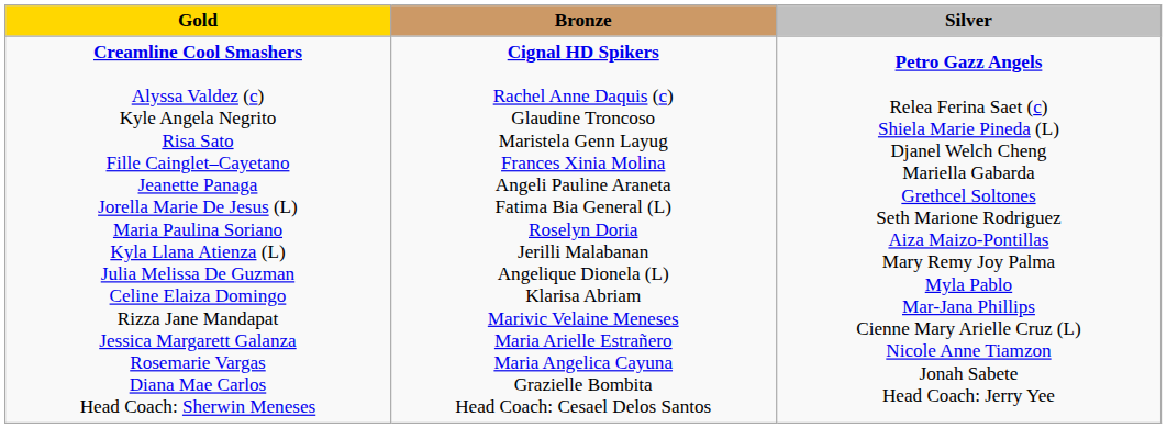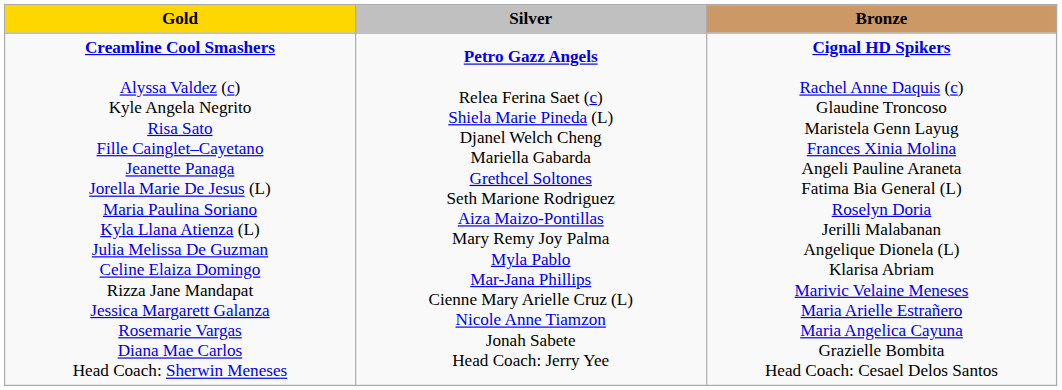 <table class="wikitable" style="text-align:center; font-size:90%">
 <tr>
 <th style="width:20em; background:gold">Gold</th>
+<th style="width:20em; background:silver">Silver</th>
 <th style="width:20em; background:#cc9966">Bronze</th>
-<th style="width:20em; background:silver">Silver</th>
 </tr>
 <tr>
 <td><strong><a href='#'>Creamline Cool Smashers</a></strong><br><br><a href='#'>Alyssa Valdez</a> (<a href='#'>c</a>)<br> Kyle Angela Negrito<br> <a href='#'>Risa Sato</a><br> <a href='#'>Fille Cainglet–Cayetano</a><br> <a href='#'>Jeanette Panaga</a><br> <a href='#'>Jorella Marie De Jesus</a> (L)<br> <a href='#'>Maria Paulina Soriano</a><br> <a href='#'>Kyla Llana Atienza</a> (L)<br> <a href='#'>Julia Melissa De Guzman</a><br> <a href='#'>Celine Elaiza Domingo</a><br> Rizza Jane Mandapat<br> <a href='#'>Jessica Margarett Galanza</a><br> <a href='#'>Rosemarie Vargas</a><br> <a href='#'>Diana Mae Carlos</a><br>Head Coach: <a href='#'>Sherwin Meneses</a></td>
+<td><strong><a href='#'>Petro Gazz Angels</a></strong><br><br>Relea Ferina Saet (<a href='#'>c</a>)<br> <a href='#'>Shiela Marie Pineda</a> (L)<br> Djanel Welch Cheng<br>Mariella Gabarda<br> <a href='#'>Grethcel Soltones</a><br> Seth Marione Rodriguez<br> <a href='#'>Aiza Maizo-Pontillas</a><br> Mary Remy Joy Palma<br> <a href='#'>Myla Pablo</a><br> <a href='#'>Mar-Jana Phillips</a><br> Cienne Mary Arielle Cruz (L)<br> <a href='#'>Nicole Anne Tiamzon</a><br> Jonah Sabete<br>Head Coach: Jerry Yee</td>
 <td><strong><a href='#'>Cignal HD Spikers</a></strong><br><br><a href='#'>Rachel Anne Daquis</a> (<a href='#'>c</a>)<br> Glaudine Troncoso<br> Maristela Genn Layug<br> <a href='#'>Frances Xinia Molina</a><br> Angeli Pauline Araneta<br> Fatima Bia General (L)<br> <a href='#'>Roselyn Doria</a><br> Jerilli Malabanan<br> Angelique Dionela (L)<br> Klarisa Abriam<br> <a href='#'>Marivic Velaine Meneses</a><br> <a href='#'>Maria Arielle Estrañero</a><br> <a href='#'>Maria Angelica Cayuna</a><br> Grazielle Bombita<br>Head Coach: Cesael Delos Santos</td>
-<td><strong><a href='#'>Petro Gazz Angels</a></strong><br><br>Relea Ferina Saet (<a href='#'>c</a>)<br> <a href='#'>Shiela Marie Pineda</a> (L)<br> Djanel Welch Cheng<br>Mariella Gabarda<br> <a href='#'>Grethcel Soltones</a><br> Seth Marione Rodriguez<br> <a href='#'>Aiza Maizo-Pontillas</a><br> Mary Remy Joy Palma<br> <a href='#'>Myla Pablo</a><br> <a href='#'>Mar-Jana Phillips</a><br> Cienne Mary Arielle Cruz (L)<br> <a href='#'>Nicole Anne Tiamzon</a><br> Jonah Sabete<br>Head Coach: Jerry Yee</td>
 </tr>
 </table>
